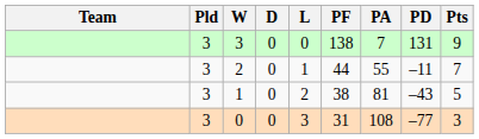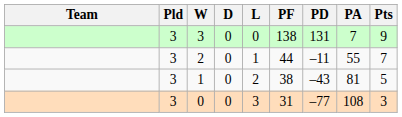 <table class="wikitable" style="text-align:center;">
 <tr>
 <th width=175>Team</th>
 <th width=25 abbr="Played">Pld</th>
 <th width=25 abbr="Won">W</th>
 <th width=25 abbr="Drawn">D</th>
 <th width=25 abbr="Lost">L</th>
 <th width=32 abbr="Points for">PF</th>
+<th width=32 abbr="Points difference">PD</th>
 <th width=32 abbr="Points against">PA</th>
-<th width=32 abbr="Points difference">PD</th>
 <th width=25 abbr="Points">Pts</th>
 </tr>
 <tr bgcolor="#ccffcc">
 <td align=left></td>
 <td>3</td>
 <td>3</td>
 <td>0</td>
 <td>0</td>
 <td>138</td>
+<td>131</td>
 <td>7</td>
-<td>131</td>
 <td>9</td>
 </tr>
 <tr>
 <td align=left></td>
 <td>3</td>
 <td>2</td>
 <td>0</td>
 <td>1</td>
 <td>44</td>
+<td>–11</td>
 <td>55</td>
-<td>–11</td>
 <td>7</td>
 </tr>
 <tr>
 <td align=left></td>
 <td>3</td>
 <td>1</td>
 <td>0</td>
 <td>2</td>
 <td>38</td>
+<td>–43</td>
 <td>81</td>
-<td>–43</td>
 <td>5</td>
 </tr>
 <tr bgcolor="#ffddbb">
 <td align=left></td>
 <td>3</td>
 <td>0</td>
 <td>0</td>
 <td>3</td>
 <td>31</td>
+<td>–77</td>
 <td>108</td>
-<td>–77</td>
 <td>3</td>
 </tr>
 </table>
